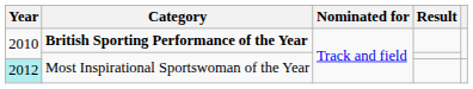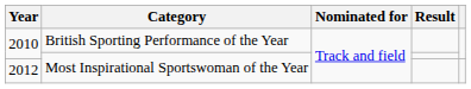 <table class="wikitable plainrowheaders">
 <tr>
 <th scope="col">Year</th>
 <th scope="col">Category</th>
 <th scope="col">Nominated for</th>
 <th scope="col">Result</th>
 <th scope="col"></th>
 </tr>
 <tr>
 <td rowspan = "2" align="center">2010</td>
-<td><strong>British Sporting Performance of the Year</strong></td>
+<td>British Sporting Performance of the Year</td>
 <td rowspan = "3"><a href='#'>Track and field</a></td>
 <td></td>
 <td rowspan = "2"></td>
 </tr>
 <tr>
 <td rowspan = "2">Most Inspirational Sportswoman of the Year</td>
 <td></td>
 </tr>
 <tr>
-<td align="center" style="background: paleturquoise;">2012</td>
+<td align="center">2012</td>
 <td></td>
 <td></td>
 </tr>
 </table>
